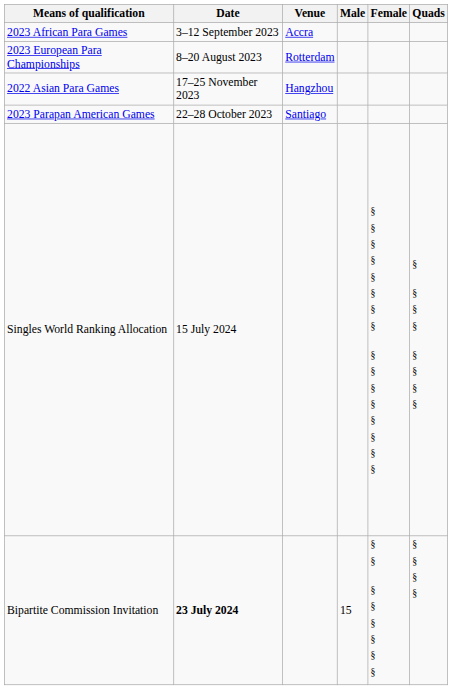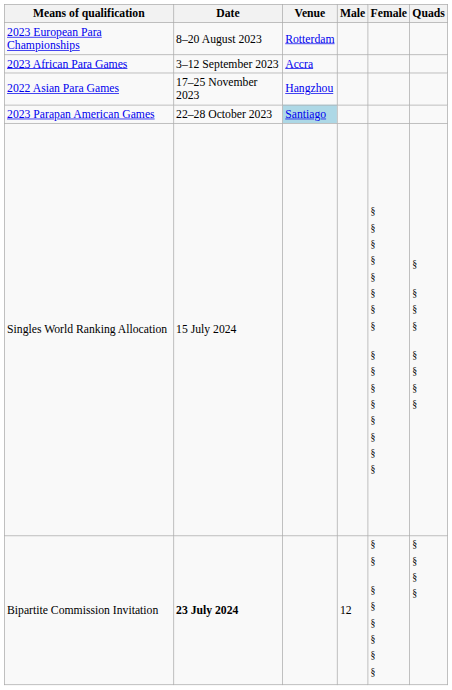 <table class="wikitable">
 <tr>
 <th>Means of qualification</th>
 <th>Date</th>
 <th>Venue</th>
 <th>Male</th>
 <th>Female</th>
 <th>Quads</th>
 </tr>
 <tr>
-<td><a href='#'>2023 African Para Games</a></td>
-<td>3–12 September 2023</td>
-<td> <a href='#'>Accra</a></td>
+<td><a href='#'>2023 European Para Championships</a></td>
+<td>8–20 August 2023</td>
+<td> <a href='#'>Rotterdam</a></td>
 <td></td>
 <td></td>
 <td></td>
 </tr>
 <tr>
-<td><a href='#'>2023 European Para Championships</a></td>
-<td>8–20 August 2023</td>
-<td> <a href='#'>Rotterdam</a></td>
+<td><a href='#'>2023 African Para Games</a></td>
+<td>3–12 September 2023</td>
+<td> <a href='#'>Accra</a></td>
 <td></td>
 <td></td>
 <td></td>
 </tr>
 <tr>
 <td><a href='#'>2022 Asian Para Games</a></td>
 <td>17–25 November 2023</td>
 <td> <a href='#'>Hangzhou</a></td>
 <td></td>
 <td></td>
 <td></td>
 </tr>
 <tr>
 <td><a href='#'>2023 Parapan American Games</a></td>
 <td>22–28 October 2023</td>
-<td> <a href='#'>Santiago</a></td>
+<td style="background: lightblue;"> <a href='#'>Santiago</a></td>
 <td></td>
 <td></td>
 <td></td>
 </tr>
 <tr>
 <td>Singles World Ranking Allocation</td>
 <td>15 July 2024</td>
 <td></td>
 <td><br><br><br><br><br><br><br><br><br><br><br><br><br><br><br><br><br><br><br><br><br><br><br><br><br><br><br><br><br><br><br></td>
 <td><br><br><sup>§</sup><br><sup>§</sup><br><sup>§</sup><br><sup>§</sup><br><sup>§</sup><br><sup>§</sup><br><sup>§</sup><br><sup>§</sup><br><br><sup>§</sup><br><sup>§</sup><br><sup>§</sup><br><sup>§</sup><br><sup>§</sup><br><sup>§</sup><br><sup>§</sup><br><sup>§</sup><br></td>
 <td><br><sup>§</sup><br><br><sup>§</sup><br><sup>§</sup><br><sup>§</sup><br><br><sup>§</sup><br><sup>§</sup><br><sup>§</sup><br><sup>§</sup><br></td>
 </tr>
 <tr>
 <td>Bipartite Commission Invitation</td>
 <td><strong>23 July 2024</strong></td>
 <td></td>
-<td align="left">15</td>
+<td align="left">12</td>
 <td align="left"><sup>§</sup><br><sup>§</sup><br><br><sup>§</sup><br><sup>§</sup><br><sup>§</sup><br><sup>§</sup><br><sup>§</sup><br> <sup>§</sup><br></td>
 <td valign=top><sup>§</sup><br><sup>§</sup><br><sup>§</sup><br><sup>§</sup></td>
 </tr>
 </table>
